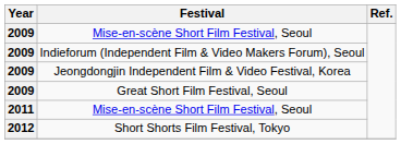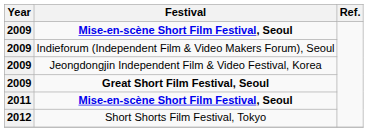 <table class="wikitable" style="text-align:center">
 <tr>
 <th>Year</th>
 <th>Festival</th>
 <th>Ref.</th>
 </tr>
 <tr>
 <th>2009</th>
-<td><a href='#'>Mise-en-scène Short Film Festival</a>, Seoul</td>
+<td><strong><a href='#'>Mise-en-scène Short Film Festival</a>, Seoul</strong></td>
 <td rowspan="6"><br></td>
 </tr>
 <tr>
 <th>2009</th>
 <td>Indieforum (Independent Film & Video Makers Forum), Seoul</td>
 </tr>
 <tr>
 <th>2009</th>
 <td>Jeongdongjin Independent Film & Video Festival, Korea</td>
 </tr>
 <tr>
 <th>2009</th>
-<td>Great Short Film Festival, Seoul</td>
+<td><strong>Great Short Film Festival, Seoul</strong></td>
 </tr>
 <tr>
 <th>2011</th>
-<td><a href='#'>Mise-en-scène Short Film Festival</a>, Seoul</td>
+<td><strong><a href='#'>Mise-en-scène Short Film Festival</a>, Seoul</strong></td>
 </tr>
 <tr>
 <th>2012</th>
 <td>Short Shorts Film Festival, Tokyo</td>
 </tr>
 <tr>
 </tr>
 </table>
